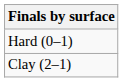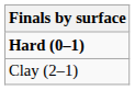 <table class=wikitable style=font-size:90%>
 <tr>
 <th>Finals by surface</th>
 </tr>
 <tr>
-<td>Hard (0–1)</td>
+<td><strong>Hard (0–1)</strong></td>
 </tr>
 <tr>
 <td>Clay (2–1)</td>
 </tr>
 </table>
